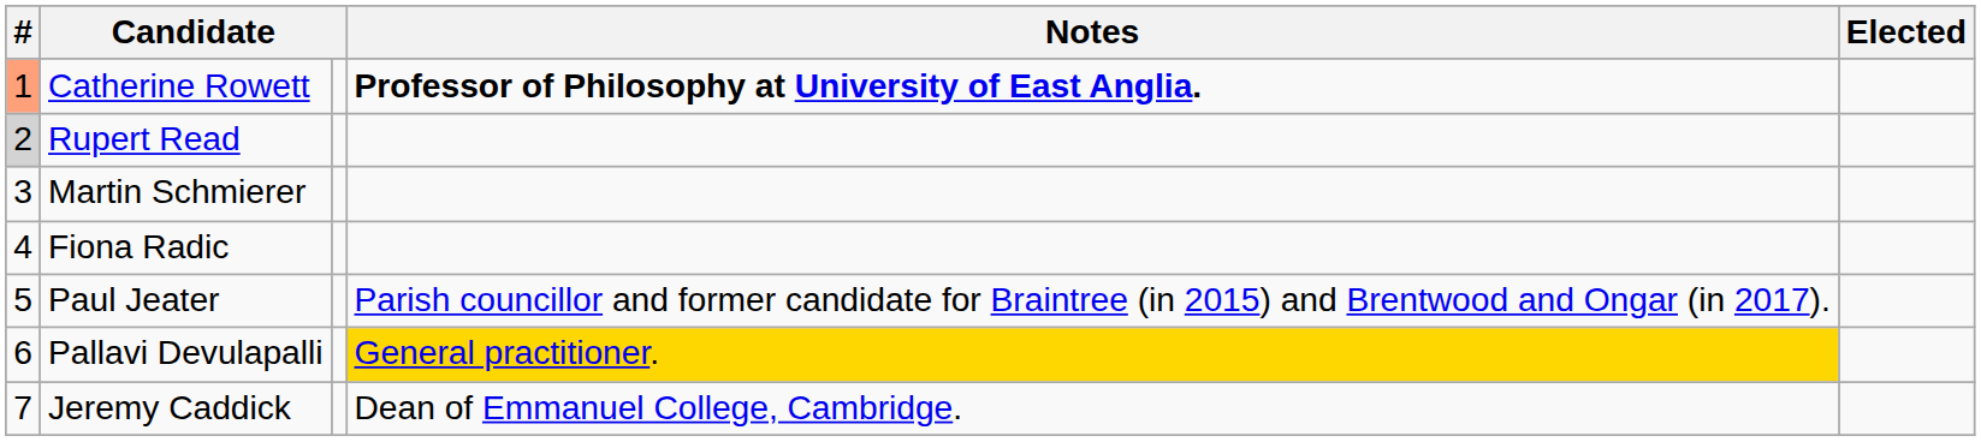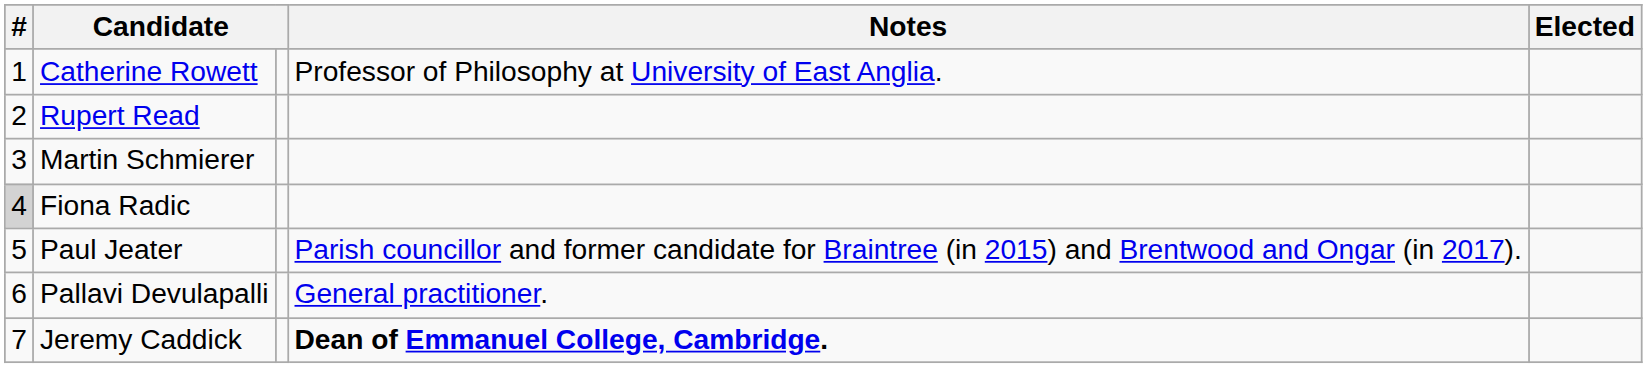 <table class="wikitable">
 <tr>
 <th>#</th>
 <th colspan="2">Candidate</th>
 <th>Notes</th>
 <th>Elected</th>
 </tr>
 <tr>
-<td style="background: lightsalmon;">1</td>
+<td>1</td>
 <td><a href='#'>Catherine Rowett</a></td>
 <td></td>
-<td><strong>Professor of Philosophy at <a href='#'>University of East Anglia</a>.</strong></td>
+<td>Professor of Philosophy at <a href='#'>University of East Anglia</a>.</td>
 <td></td>
 </tr>
 <tr>
-<td style="background: lightgrey;">2</td>
+<td>2</td>
 <td><a href='#'>Rupert Read</a></td>
 <td></td>
 <td></td>
 <td></td>
 </tr>
 <tr>
 <td>3</td>
 <td>Martin Schmierer</td>
 <td></td>
 <td></td>
 <td></td>
 </tr>
 <tr>
-<td>4</td>
+<td style="background: lightgrey;">4</td>
 <td>Fiona Radic</td>
 <td></td>
 <td></td>
 <td></td>
 </tr>
 <tr>
 <td>5</td>
 <td>Paul Jeater</td>
 <td></td>
 <td><a href='#'>Parish councillor</a> and former candidate for <a href='#'>Braintree</a> (in <a href='#'>2015</a>) and <a href='#'>Brentwood and Ongar</a> (in <a href='#'>2017</a>).</td>
 <td></td>
 </tr>
 <tr>
 <td>6</td>
 <td>Pallavi Devulapalli</td>
 <td></td>
-<td style="background: gold;"><a href='#'>General practitioner</a>.</td>
+<td><a href='#'>General practitioner</a>.</td>
 <td></td>
 </tr>
 <tr>
 <td>7</td>
 <td>Jeremy Caddick</td>
 <td></td>
-<td>Dean of <a href='#'>Emmanuel College, Cambridge</a>.</td>
+<td><strong>Dean of <a href='#'>Emmanuel College, Cambridge</a>.</strong></td>
 <td></td>
 </tr>
 </table>
